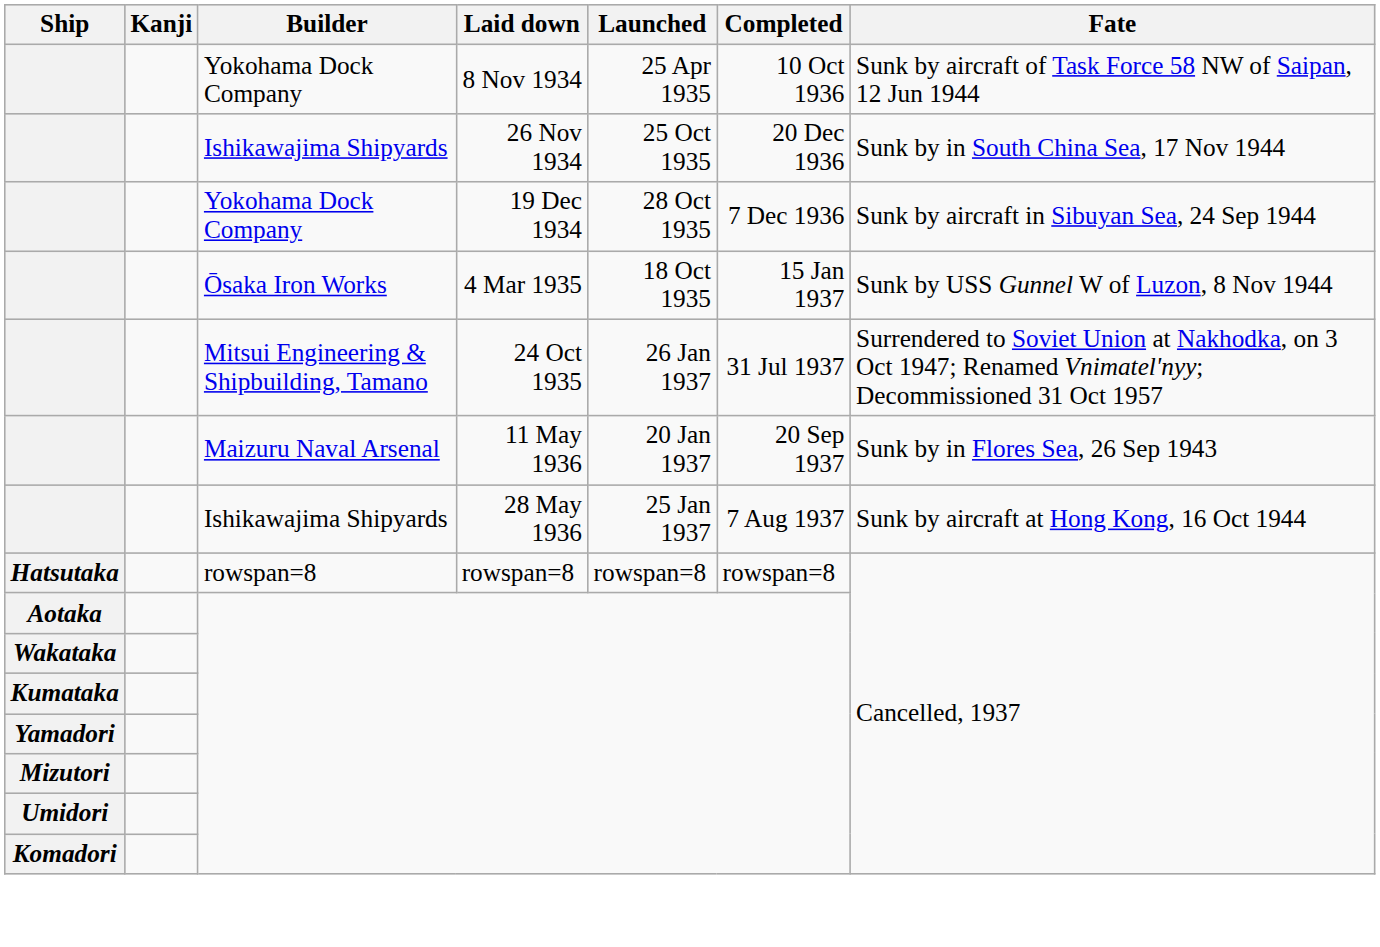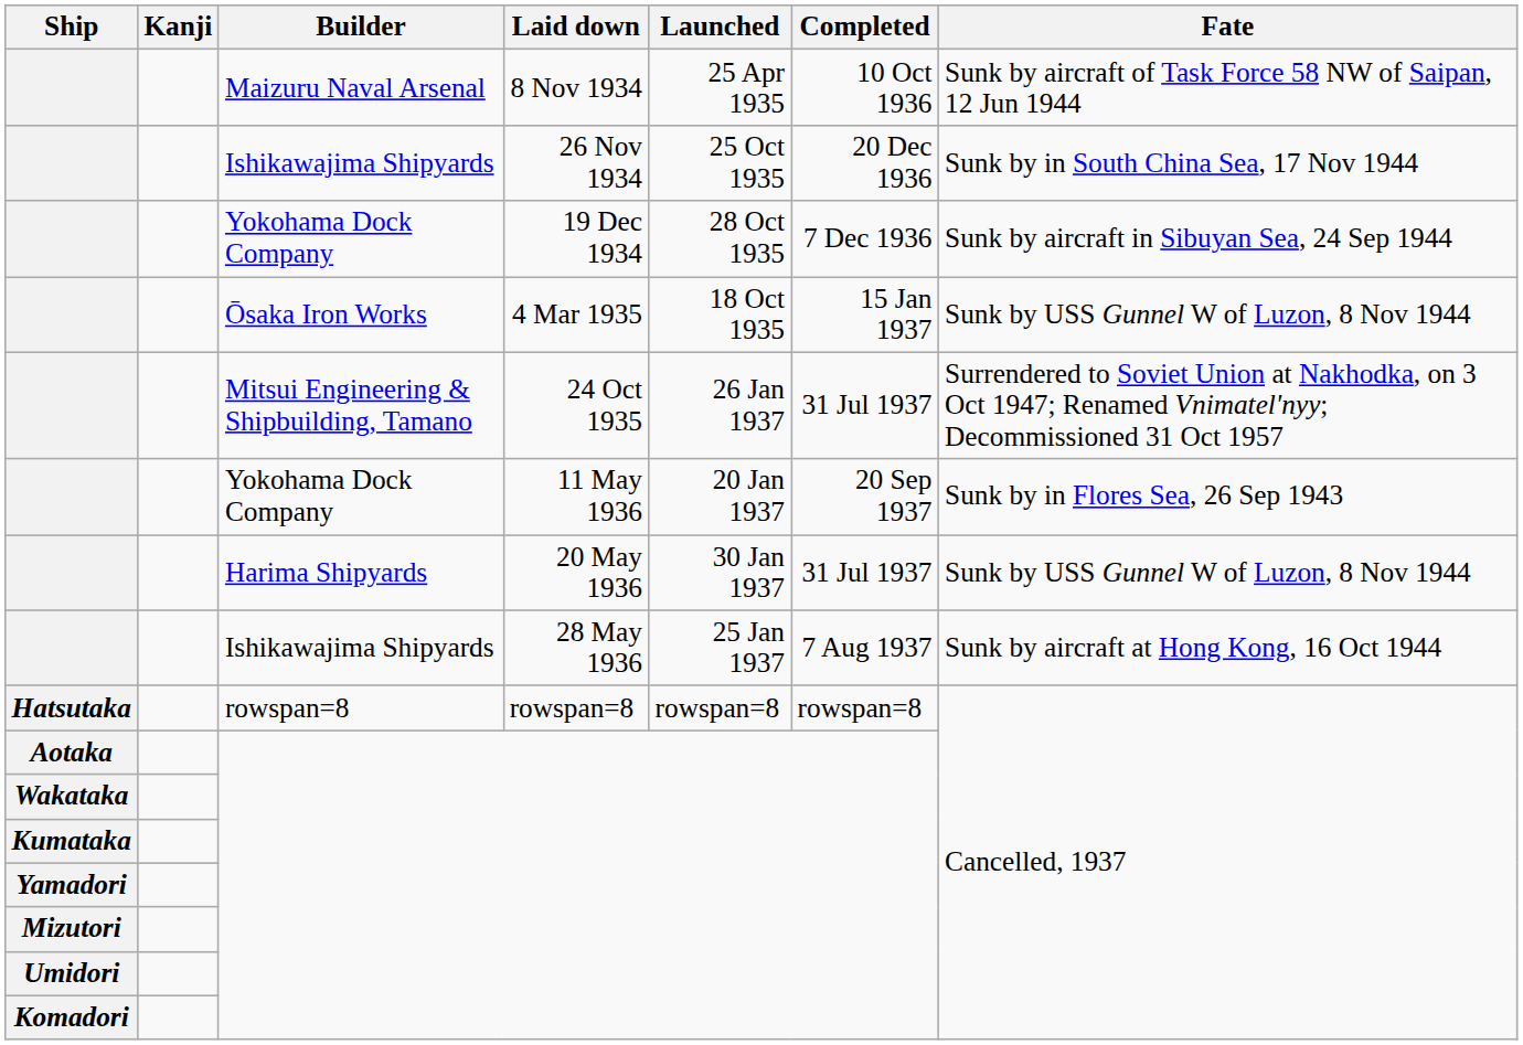 <table class="wikitable sortable plainrowheaders">
 <tr>
 <th scope="col">Ship</th>
 <th scope="col">Kanji</th>
 <th scope="col">Builder</th>
 <th scope="col">Laid down</th>
 <th scope="col">Launched</th>
 <th scope="col">Completed</th>
 <th scope="col">Fate</th>
 </tr>
 <tr>
 <th scope="row"></th>
 <td></td>
-<td>Yokohama Dock Company</td>
+<td><a href='#'>Maizuru Naval Arsenal</a></td>
 <td style="text-align: right;">8 Nov 1934</td>
 <td style="text-align: right;">25 Apr 1935</td>
 <td style="text-align: right;">10 Oct 1936</td>
 <td>Sunk by aircraft of <a href='#'>Task Force 58</a> NW of <a href='#'>Saipan</a>, 12 Jun 1944</td>
 </tr>
 <tr>
 <th scope="row"></th>
 <td></td>
 <td><a href='#'>Ishikawajima Shipyards</a></td>
 <td style="text-align: right;">26 Nov 1934</td>
 <td style="text-align: right;">25 Oct 1935</td>
 <td style="text-align: right;">20 Dec 1936</td>
 <td>Sunk by  in <a href='#'>South China Sea</a>, 17 Nov 1944</td>
 </tr>
 <tr>
 <th scope="row"></th>
 <td></td>
 <td><a href='#'>Yokohama Dock Company</a></td>
 <td style="text-align: right;">19 Dec 1934</td>
 <td style="text-align: right;">28 Oct 1935</td>
 <td style="text-align: right;">7 Dec 1936</td>
 <td>Sunk by aircraft in <a href='#'>Sibuyan Sea</a>, 24 Sep 1944</td>
 </tr>
 <tr>
 <th scope="row"></th>
 <td></td>
 <td><a href='#'>Ōsaka Iron Works</a></td>
 <td style="text-align: right;">4 Mar 1935</td>
 <td style="text-align: right;">18 Oct 1935</td>
 <td style="text-align: right;">15 Jan 1937</td>
 <td>Sunk by USS <em>Gunnel</em> W of <a href='#'>Luzon</a>, 8 Nov 1944</td>
 </tr>
 <tr>
 <th scope="row"></th>
 <td></td>
 <td><a href='#'>Mitsui Engineering & Shipbuilding, Tamano</a></td>
 <td style="text-align: right;">24 Oct 1935</td>
 <td style="text-align: right;">26 Jan 1937</td>
 <td style="text-align: right;">31 Jul 1937</td>
 <td>Surrendered to <a href='#'>Soviet Union</a> at <a href='#'>Nakhodka</a>, on 3 Oct 1947; Renamed <em>Vnimatel'nyy</em>; Decommissioned 31 Oct 1957</td>
 </tr>
 <tr>
 <th scope="row"></th>
 <td></td>
-<td><a href='#'>Maizuru Naval Arsenal</a></td>
+<td>Yokohama Dock Company</td>
 <td style="text-align: right;">11 May 1936</td>
 <td style="text-align: right;">20 Jan 1937</td>
 <td style="text-align: right;">20 Sep 1937</td>
 <td>Sunk by  in <a href='#'>Flores Sea</a>, 26 Sep 1943</td>
+</tr>
+<tr>
+<th scope="row"></th>
+<td></td>
+<td><a href='#'>Harima Shipyards</a></td>
+<td style="text-align: right;">20 May 1936</td>
+<td style="text-align: right;">30 Jan 1937</td>
+<td style="text-align: right;">31 Jul 1937</td>
+<td>Sunk by USS <em>Gunnel</em> W of <a href='#'>Luzon</a>, 8 Nov 1944</td>
 </tr>
 <tr>
 <th scope="row"></th>
 <td></td>
 <td>Ishikawajima Shipyards</td>
 <td style="text-align: right;">28 May 1936</td>
 <td style="text-align: right;">25 Jan 1937</td>
 <td style="text-align: right;">7 Aug 1937</td>
 <td>Sunk by aircraft at <a href='#'>Hong Kong</a>, 16 Oct 1944</td>
 </tr>
 <tr>
 <th scope="row"><em>Hatsutaka</em></th>
 <td></td>
 <td>rowspan=8 </td>
 <td>rowspan=8 </td>
 <td>rowspan=8 </td>
 <td>rowspan=8 </td>
 <td rowspan=8>Cancelled, 1937</td>
 </tr>
 <tr>
 <th scope="row"><em>Aotaka</em></th>
 <td></td>
 </tr>
 <tr>
 <th scope="row"><em>Wakataka</em></th>
 <td></td>
 </tr>
 <tr>
 <th scope="row"><em>Kumataka</em></th>
 <td></td>
 </tr>
 <tr>
 <th scope="row"><em>Yamadori</em></th>
 <td></td>
 </tr>
 <tr>
 <th scope="row"><em>Mizutori</em></th>
 <td></td>
 </tr>
 <tr>
 <th scope="row"><em>Umidori</em></th>
 <td></td>
 </tr>
 <tr>
 <th scope="row"><em>Komadori</em></th>
 <td></td>
 </tr>
 </table>
